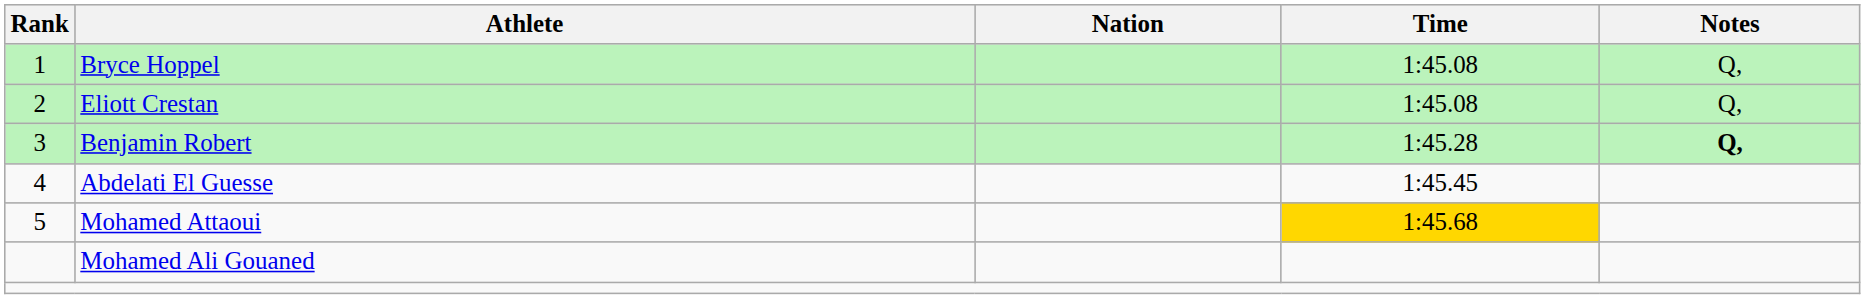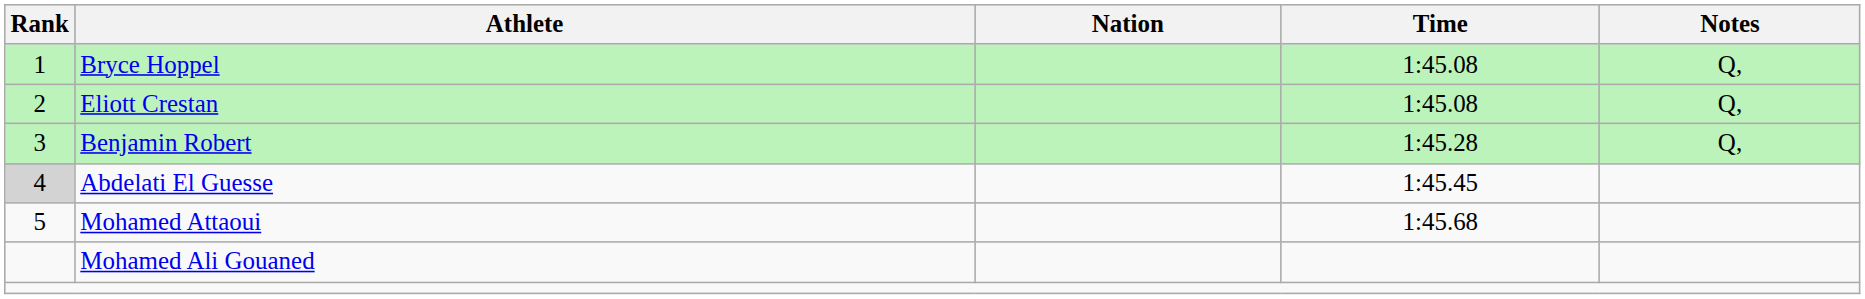 <table class="wikitable sortable" style="text-align:center;width: 60%;">
 <tr>
 <th scope="col" style="width: 10px;">Rank</th>
 <th scope="col">Athlete</th>
 <th scope="col">Nation</th>
 <th scope="col">Time</th>
 <th scope="col">Notes</th>
 </tr>
 <tr bgcolor=bbf3bb>
 <td>1</td>
 <td align=left><a href='#'>Bryce Hoppel</a></td>
 <td align=left></td>
 <td>1:45.08 </td>
 <td>Q, </td>
 </tr>
 <tr bgcolor=bbf3bb>
 <td>2</td>
 <td align=left><a href='#'>Eliott Crestan</a></td>
 <td align=left></td>
 <td>1:45.08 </td>
 <td>Q, </td>
 </tr>
 <tr bgcolor=bbf3bb>
 <td>3</td>
 <td align=left><a href='#'>Benjamin Robert</a></td>
 <td align=left></td>
 <td>1:45.28</td>
-<td><strong>Q, </strong></td>
+<td>Q, </td>
 </tr>
 <tr>
-<td>4</td>
+<td style="background: lightgrey;">4</td>
 <td align=left><a href='#'>Abdelati El Guesse</a></td>
 <td align=left></td>
 <td>1:45.45</td>
 <td></td>
 </tr>
 <tr>
 <td>5</td>
 <td align=left><a href='#'>Mohamed Attaoui</a></td>
 <td align=left></td>
-<td style="background: gold;">1:45.68</td>
+<td>1:45.68</td>
 <td></td>
 </tr>
 <tr>
 <td></td>
 <td align=left><a href='#'>Mohamed Ali Gouaned</a></td>
 <td align=left></td>
 <td></td>
 <td></td>
 </tr>
 <tr class="sortbottom">
 <td colspan="5"></td>
 </tr>
 </table>
